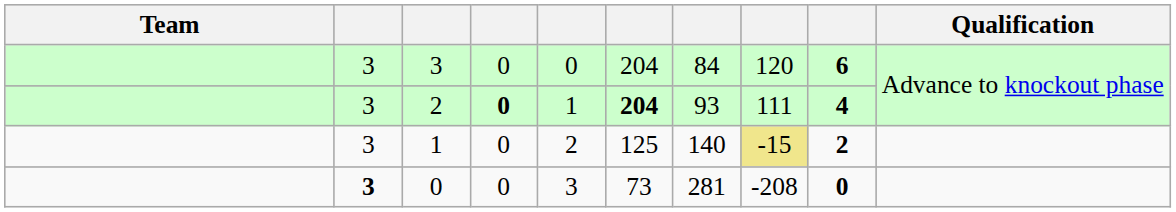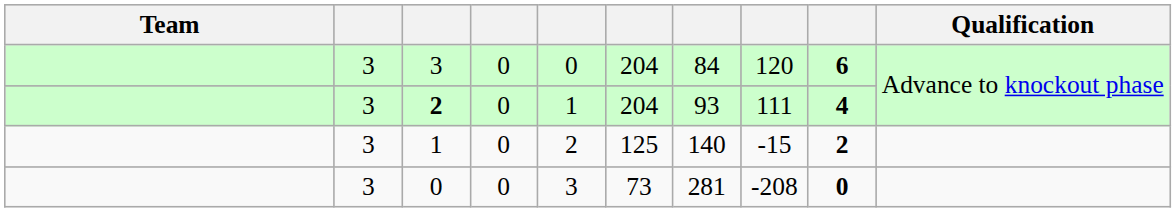 <table class=wikitable style="text-align: center;">
 <tr>
 <th style="width: 12.5em;" scope="col">Team</th>
 <th style="width: 2.2em;" scope="col"></th>
 <th style="width: 2.2em;" scope="col"></th>
 <th style="width: 2.2em;" scope="col"></th>
 <th style="width: 2.2em;" scope="col"></th>
 <th style="width: 2.2em;" scope="col"></th>
 <th style="width: 2.2em;" scope="col"></th>
 <th style="width: 2.2em;" scope="col"></th>
 <th style="width: 2.2em;" scope="col"></th>
 <th scope="col">Qualification</th>
 </tr>
 <tr style="background-color: #CCFFCC;">
 <td style="text-align: left;"></td>
 <td>3</td>
 <td>3</td>
 <td>0</td>
 <td>0</td>
 <td>204</td>
 <td>84</td>
 <td>120</td>
 <td><strong>6</strong></td>
 <td rowspan="2">Advance to <a href='#'>knockout phase</a></td>
 </tr>
 <tr style="background-color: #CCFFCC;">
 <td style="text-align: left;"></td>
 <td>3</td>
-<td>2</td>
-<td><strong>0</strong></td>
+<td><strong>2</strong></td>
+<td>0</td>
 <td>1</td>
-<td><strong>204</strong></td>
+<td>204</td>
 <td>93</td>
 <td>111</td>
 <td><strong>4</strong></td>
 </tr>
 <tr>
 <td style="text-align: left;"></td>
 <td>3</td>
 <td>1</td>
 <td>0</td>
 <td>2</td>
 <td>125</td>
 <td>140</td>
-<td style="background: khaki;">-15</td>
+<td>-15</td>
 <td><strong>2</strong></td>
 <td></td>
 </tr>
 <tr>
 <td style="text-align: left;"></td>
-<td><strong>3</strong></td>
+<td>3</td>
 <td>0</td>
 <td>0</td>
 <td>3</td>
 <td>73</td>
 <td>281</td>
 <td>-208</td>
 <td><strong>0</strong></td>
 <td></td>
 </tr>
 </table>
